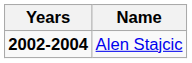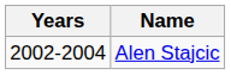 <table class="wikitable">
 <tr>
 <th>Years</th>
 <th>Name</th>
 </tr>
 <tr>
-<td><strong>2002-2004</strong></td>
+<td>2002-2004</td>
 <td><a href='#'>Alen Stajcic</a></td>
 </tr>
 </table>
